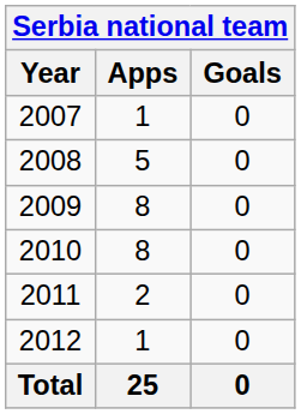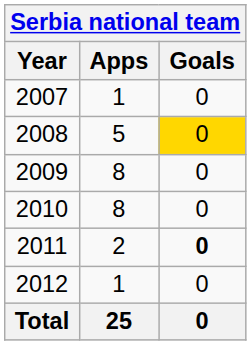 <table class="wikitable" style="text-align:center">
 <tr>
 <th colspan=3><a href='#'>Serbia national team</a></th>
 </tr>
 <tr>
 <th>Year</th>
 <th>Apps</th>
 <th>Goals</th>
 </tr>
 <tr>
 <td>2007</td>
 <td>1</td>
 <td>0</td>
 </tr>
 <tr>
 <td>2008</td>
 <td>5</td>
-<td>0</td>
+<td style="background: gold;">0</td>
 </tr>
 <tr>
 <td>2009</td>
 <td>8</td>
 <td>0</td>
 </tr>
 <tr>
 <td>2010</td>
 <td>8</td>
 <td>0</td>
 </tr>
 <tr>
 <td>2011</td>
 <td>2</td>
-<td>0</td>
+<td><strong>0</strong></td>
 </tr>
 <tr>
 <td>2012</td>
 <td>1</td>
 <td>0</td>
 </tr>
 <tr>
 <th>Total</th>
 <th>25</th>
 <th>0</th>
 </tr>
 </table>
